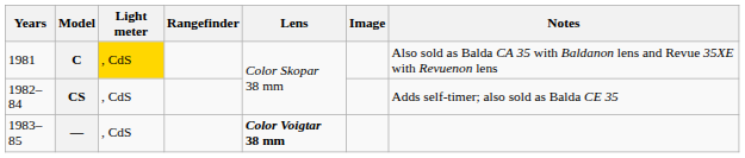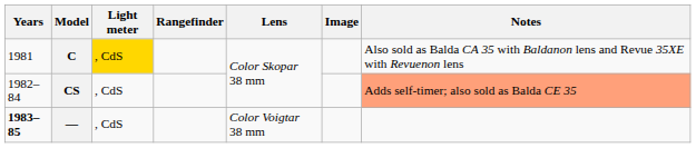 <table class=wikitable style="font-size:100%;text-align:left">
 <tr>
 <th>Years</th>
 <th>Model</th>
 <th>Light meter</th>
 <th>Rangefinder</th>
 <th>Lens</th>
 <th>Image</th>
 <th>Notes</th>
 </tr>
 <tr>
 <td>1981</td>
 <th>C</th>
 <td style="background: gold;">, CdS</td>
 <td></td>
 <td rowspan=2><em>Color Skopar</em> 38 mm </td>
 <td></td>
 <td>Also sold as Balda <em>CA 35</em> with <em>Baldanon</em> lens and Revue <em>35XE</em> with <em>Revuenon</em> lens</td>
 </tr>
 <tr>
 <td>1982–84</td>
 <th>CS</th>
 <td>, CdS</td>
 <td></td>
 <td></td>
-<td>Adds self-timer; also sold as Balda <em>CE 35</em></td>
+<td style="background: lightsalmon;">Adds self-timer; also sold as Balda <em>CE 35</em></td>
 </tr>
 <tr>
-<td>1983–85</td>
+<td><strong>1983–85</strong></td>
 <th>—</th>
 <td>, CdS</td>
 <td></td>
-<td><strong><em>Color Voigtar</em> 38 mm </strong></td>
+<td><em>Color Voigtar</em> 38 mm </td>
 <td></td>
 <td></td>
 </tr>
 </table>
